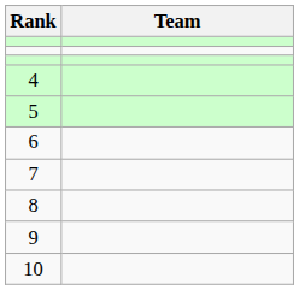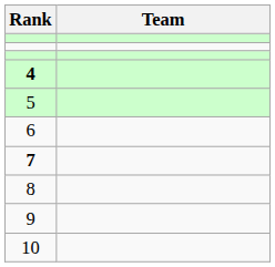 <table class=wikitable style="text-align:center;">
 <tr>
 <th>Rank</th>
 <th width=180>Team</th>
 </tr>
 <tr bgcolor=#CCFFCC>
 <td></td>
 <td align=left></td>
 </tr>
 <tr>
 <td></td>
 <td align=left></td>
 </tr>
 <tr bgcolor=#CCFFCC>
 <td></td>
 <td align=left></td>
 </tr>
 <tr bgcolor=#CCFFCC>
-<td>4</td>
+<td><strong>4</strong></td>
 <td align=left></td>
 </tr>
 <tr bgcolor=#CCFFCC>
 <td>5</td>
 <td align=left></td>
 </tr>
 <tr>
 <td>6</td>
 <td align=left></td>
 </tr>
 <tr>
-<td>7</td>
+<td><strong>7</strong></td>
 <td align=left></td>
 </tr>
 <tr>
 <td>8</td>
 <td align=left></td>
 </tr>
 <tr>
 <td>9</td>
 <td align=left></td>
 </tr>
 <tr>
 <td>10</td>
 <td align=left></td>
 </tr>
 </table>
